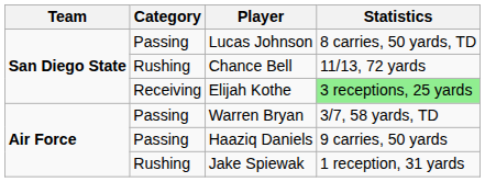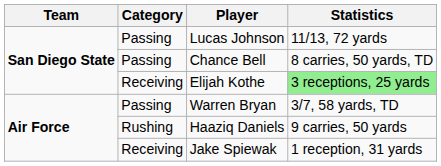 <table class="wikitable" style="float: left;">
 <tr>
 <th>Team</th>
 <th>Category</th>
 <th>Player</th>
 <th>Statistics</th>
 </tr>
 <tr>
 <td rowspan=3><strong>San Diego State</strong></td>
 <td>Passing</td>
 <td>Lucas Johnson</td>
-<td>8 carries, 50 yards, TD</td>
+<td>11/13, 72 yards</td>
 </tr>
 <tr>
-<td>Rushing</td>
+<td>Passing</td>
 <td>Chance Bell</td>
-<td>11/13, 72 yards</td>
+<td>8 carries, 50 yards, TD</td>
 </tr>
 <tr>
 <td>Receiving</td>
 <td>Elijah Kothe</td>
 <td style="background: lightgreen;">3 receptions, 25 yards</td>
 </tr>
 <tr>
 <td rowspan=3><strong>Air Force</strong></td>
 <td>Passing</td>
 <td>Warren Bryan</td>
 <td>3/7, 58 yards, TD</td>
 </tr>
 <tr>
-<td>Passing</td>
+<td>Rushing</td>
 <td>Haaziq Daniels</td>
 <td>9 carries, 50 yards</td>
 </tr>
 <tr>
-<td>Rushing</td>
+<td>Receiving</td>
 <td>Jake Spiewak</td>
 <td>1 reception, 31 yards</td>
 </tr>
 </table>
